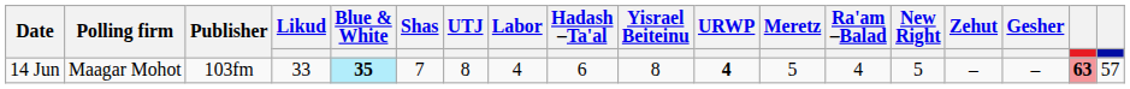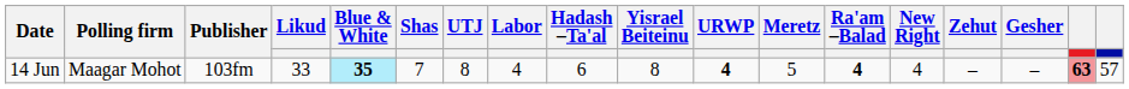 <table class="wikitable sortable" style="text-align:center;font-size:90%;line-height:13px">
 <tr>
 <th rowspan="2">Date</th>
 <th rowspan="2">Polling firm</th>
 <th rowspan="2">Publisher</th>
 <th><a href='#'>Likud</a></th>
 <th><a href='#'>Blue &<br>White</a></th>
 <th><a href='#'>Shas</a></th>
 <th><a href='#'>UTJ</a></th>
 <th><a href='#'>Labor</a></th>
 <th><a href='#'>Hadash</a><br>–<a href='#'>Ta'al</a></th>
 <th><a href='#'>Yisrael<br>Beiteinu</a></th>
 <th><a href='#'>URWP</a></th>
 <th><a href='#'>Meretz</a></th>
 <th><a href='#'>Ra'am</a><br>–<a href='#'>Balad</a></th>
 <th><a href='#'>New<br>Right</a></th>
 <th><a href='#'>Zehut</a></th>
 <th><a href='#'>Gesher</a></th>
 <th></th>
 <th></th>
 </tr>
 <tr>
 <th style="background:"></th>
 <th style="background:"></th>
 <th style="background:"></th>
 <th style="background:"></th>
 <th style="background:"></th>
 <th style="background:"></th>
 <th style="background:"></th>
 <th style="background:"></th>
 <th style="background:"></th>
 <th style="background:"></th>
 <th style="background:"></th>
 <th style="background:"></th>
 <th style="background:"></th>
 <th style="background:#E81B23;"></th>
 <th style="background:#000EA3;"></th>
 </tr>
 <tr>
 <td data-sort-value="2019-06-14">14 Jun</td>
 <td>Maagar Mohot</td>
 <td>103fm</td>
 <td>33					</td>
 <td style="background:#B2EDFB"><strong>35</strong>	</td>
 <td>7					</td>
 <td>8					</td>
 <td>4					</td>
 <td>6					</td>
 <td>8					</td>
 <td><strong>4					</strong></td>
 <td>5					</td>
+<td><strong>4					</strong></td>
 <td>4					</td>
-<td>5					</td>
 <td>–					</td>
 <td>–					</td>
 <td style="background:#F4959A"><strong>63</strong>	</td>
 <td>57					</td>
 </tr>
 </table>
